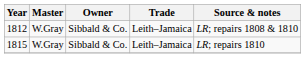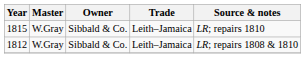 <table class=" wikitable">
 <tr>
 <th>Year</th>
 <th>Master</th>
 <th>Owner</th>
 <th>Trade</th>
 <th>Source & notes</th>
 </tr>
 <tr>
+<td>1815</td>
+<td>W.Gray</td>
+<td>Sibbald & Co.</td>
+<td>Leith–Jamaica</td>
+<td><em>LR</em>; repairs 1810</td>
+</tr>
+<tr>
 <td>1812</td>
 <td>W.Gray</td>
 <td>Sibbald & Co.</td>
 <td>Leith–Jamaica</td>
 <td><em>LR</em>; repairs 1808 & 1810</td>
 </tr>
 <tr>
-<td>1815</td>
-<td>W.Gray</td>
-<td>Sibbald & Co.</td>
-<td>Leith–Jamaica</td>
-<td><em>LR</em>; repairs 1810</td>
-</tr>
-<tr>
 </tr>
 </table>
